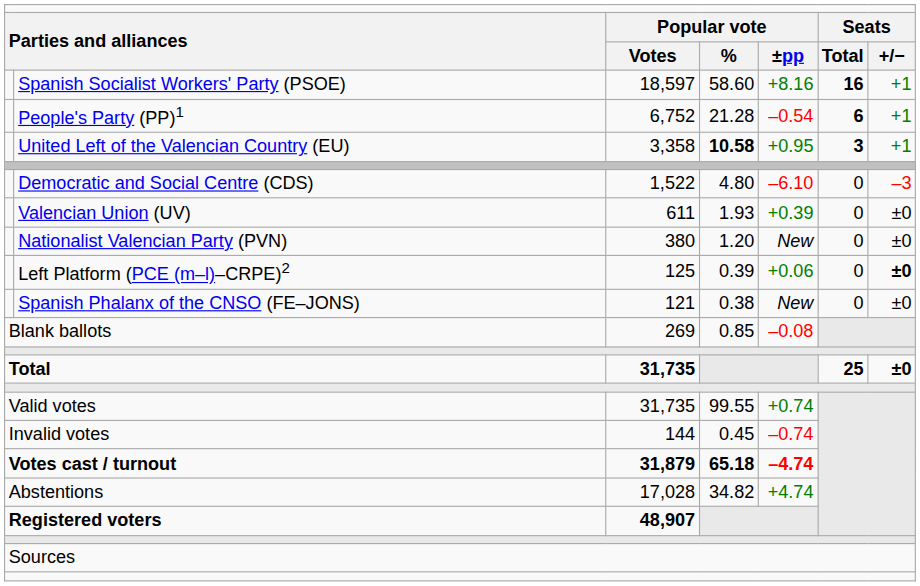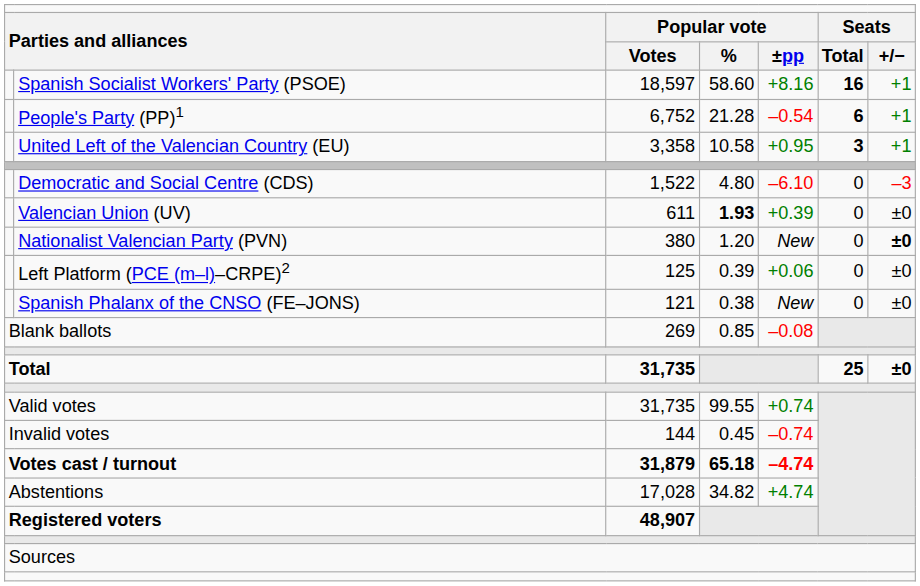 <table class="wikitable" style="text-align:right;">
 <tr>
 <td colspan="7"></td>
 </tr>
 <tr>
 <th style="text-align:left;" rowspan="2" colspan="2" width="525">Parties and alliances</th>
 <th colspan="3">Popular vote</th>
 <th colspan="2">Seats</th>
 </tr>
 <tr>
 <th width="75">Votes</th>
 <th width="45">%</th>
 <th width="45">±<a href='#'>pp</a></th>
 <th width="35">Total</th>
 <th width="35">+/−</th>
 </tr>
 <tr>
 <td width="1" style="color:inherit;background:"></td>
 <td align="left"><a href='#'>Spanish Socialist Workers' Party</a> (PSOE)</td>
 <td>18,597</td>
 <td>58.60</td>
 <td style="color:green;">+8.16</td>
 <td><strong>16</strong></td>
 <td style="color:green;">+1</td>
 </tr>
 <tr>
 <td style="color:inherit;background:"></td>
 <td align="left"><a href='#'>People's Party</a> (PP)<sup>1</sup></td>
 <td>6,752</td>
 <td>21.28</td>
 <td style="color:red;">–0.54</td>
 <td><strong>6</strong></td>
 <td style="color:green;">+1</td>
 </tr>
 <tr>
 <td style="color:inherit;background:"></td>
 <td align="left"><a href='#'>United Left of the Valencian Country</a> (EU)</td>
 <td>3,358</td>
-<td><strong>10.58</strong></td>
+<td>10.58</td>
 <td style="color:green;">+0.95</td>
 <td><strong>3</strong></td>
 <td style="color:green;">+1</td>
 </tr>
 <tr>
 <td colspan="7" bgcolor="#C0C0C0"></td>
 </tr>
 <tr>
 <td style="color:inherit;background:"></td>
 <td align="left"><a href='#'>Democratic and Social Centre</a> (CDS)</td>
 <td>1,522</td>
 <td>4.80</td>
 <td style="color:red;">–6.10</td>
 <td>0</td>
 <td style="color:red;">–3</td>
 </tr>
 <tr>
 <td style="color:inherit;background:"></td>
 <td align="left"><a href='#'>Valencian Union</a> (UV)</td>
 <td>611</td>
-<td>1.93</td>
+<td><strong>1.93</strong></td>
 <td style="color:green;">+0.39</td>
 <td>0</td>
 <td>±0</td>
 </tr>
 <tr>
 <td style="color:inherit;background:"></td>
 <td align="left"><a href='#'>Nationalist Valencian Party</a> (PVN)</td>
 <td>380</td>
 <td>1.20</td>
 <td><em>New</em></td>
 <td>0</td>
-<td>±0</td>
+<td><strong>±0</strong></td>
 </tr>
 <tr>
 <td style="color:inherit;background:"></td>
 <td align="left">Left Platform (<a href='#'>PCE (m–l)</a>–CRPE)<sup>2</sup></td>
 <td>125</td>
 <td>0.39</td>
 <td style="color:green;">+0.06</td>
 <td>0</td>
-<td><strong>±0</strong></td>
+<td>±0</td>
 </tr>
 <tr>
 <td style="color:inherit;background:"></td>
 <td align="left"><a href='#'>Spanish Phalanx of the CNSO</a> (FE–JONS)</td>
 <td>121</td>
 <td>0.38</td>
 <td><em>New</em></td>
 <td>0</td>
 <td>±0</td>
 </tr>
 <tr>
 <td align="left" colspan="2">Blank ballots</td>
 <td>269</td>
 <td>0.85</td>
 <td style="color:red;">–0.08</td>
 <td bgcolor="#E9E9E9" colspan="2"></td>
 </tr>
 <tr>
 <td colspan="7" bgcolor="#E9E9E9"></td>
 </tr>
 <tr style="font-weight:bold;">
 <td align="left" colspan="2">Total</td>
 <td>31,735</td>
 <td bgcolor="#E9E9E9" colspan="2"></td>
 <td>25</td>
 <td>±0</td>
 </tr>
 <tr>
 <td colspan="7" bgcolor="#E9E9E9"></td>
 </tr>
 <tr>
 <td align="left" colspan="2">Valid votes</td>
 <td>31,735</td>
 <td>99.55</td>
 <td style="color:green;">+0.74</td>
 <td bgcolor="#E9E9E9" colspan="2" rowspan="5"></td>
 </tr>
 <tr>
 <td align="left" colspan="2">Invalid votes</td>
 <td>144</td>
 <td>0.45</td>
 <td style="color:red;">–0.74</td>
 </tr>
 <tr style="font-weight:bold;">
 <td align="left" colspan="2">Votes cast / turnout</td>
 <td>31,879</td>
 <td>65.18</td>
 <td style="color:red;">–4.74</td>
 </tr>
 <tr>
 <td align="left" colspan="2">Abstentions</td>
 <td>17,028</td>
 <td>34.82</td>
 <td style="color:green;">+4.74</td>
 </tr>
 <tr style="font-weight:bold;">
 <td align="left" colspan="2">Registered voters</td>
 <td>48,907</td>
 <td bgcolor="#E9E9E9" colspan="2"></td>
 </tr>
 <tr>
 <td colspan="7" bgcolor="#E9E9E9"></td>
 </tr>
 <tr>
 <td align="left" colspan="7">Sources</td>
 </tr>
 <tr>
 <td colspan="7" style="text-align:left; max-width:790px;"></td>
 </tr>
 </table>
